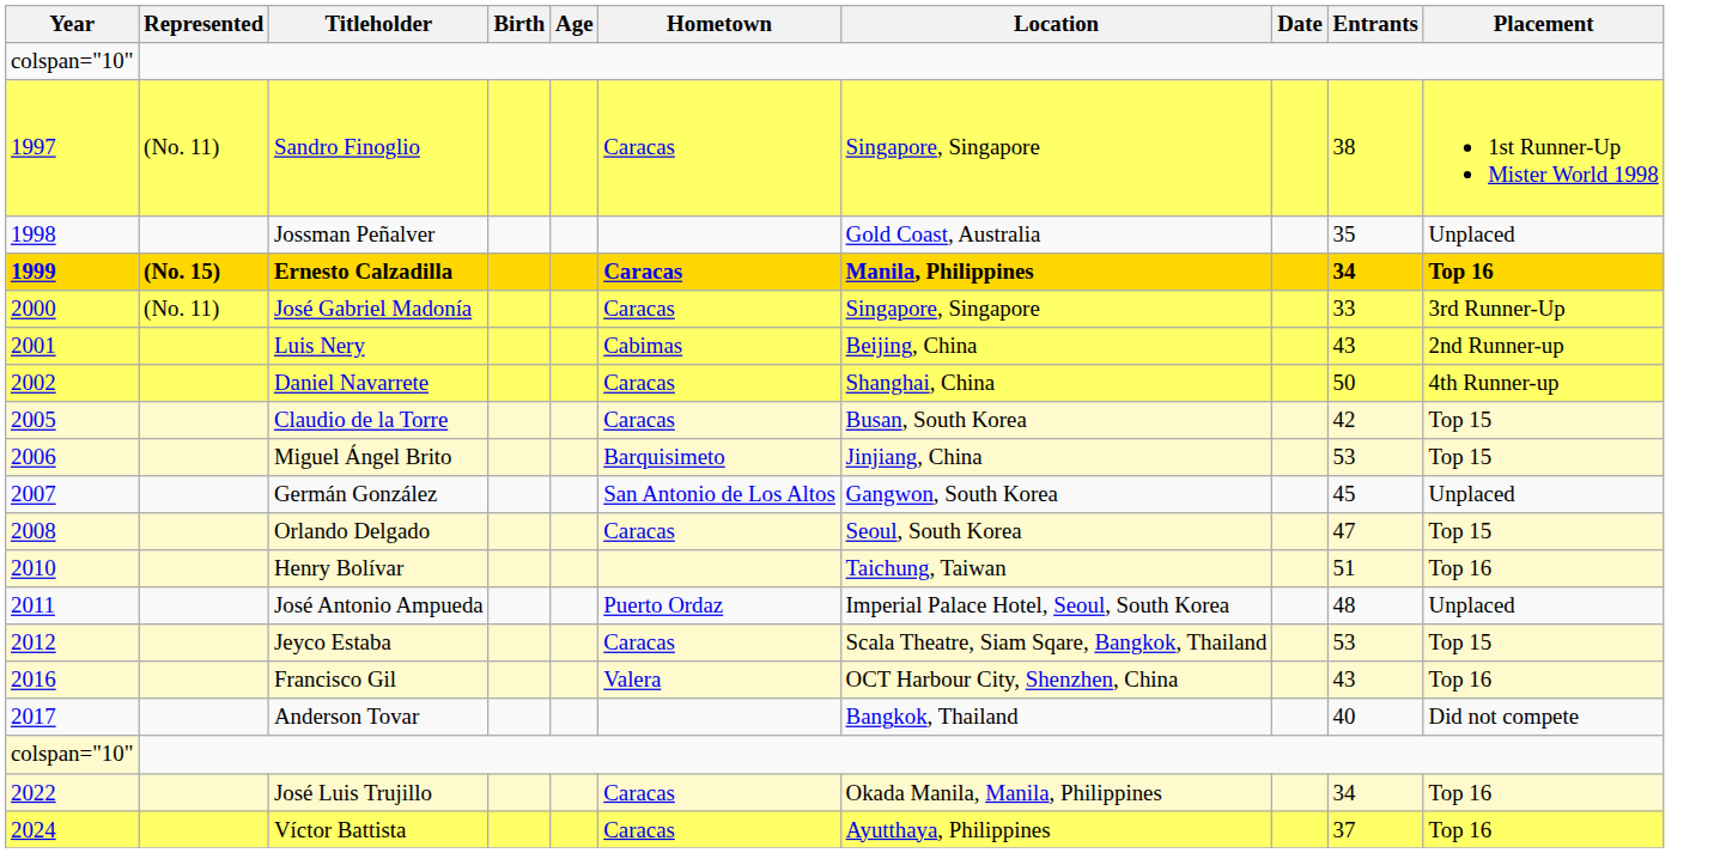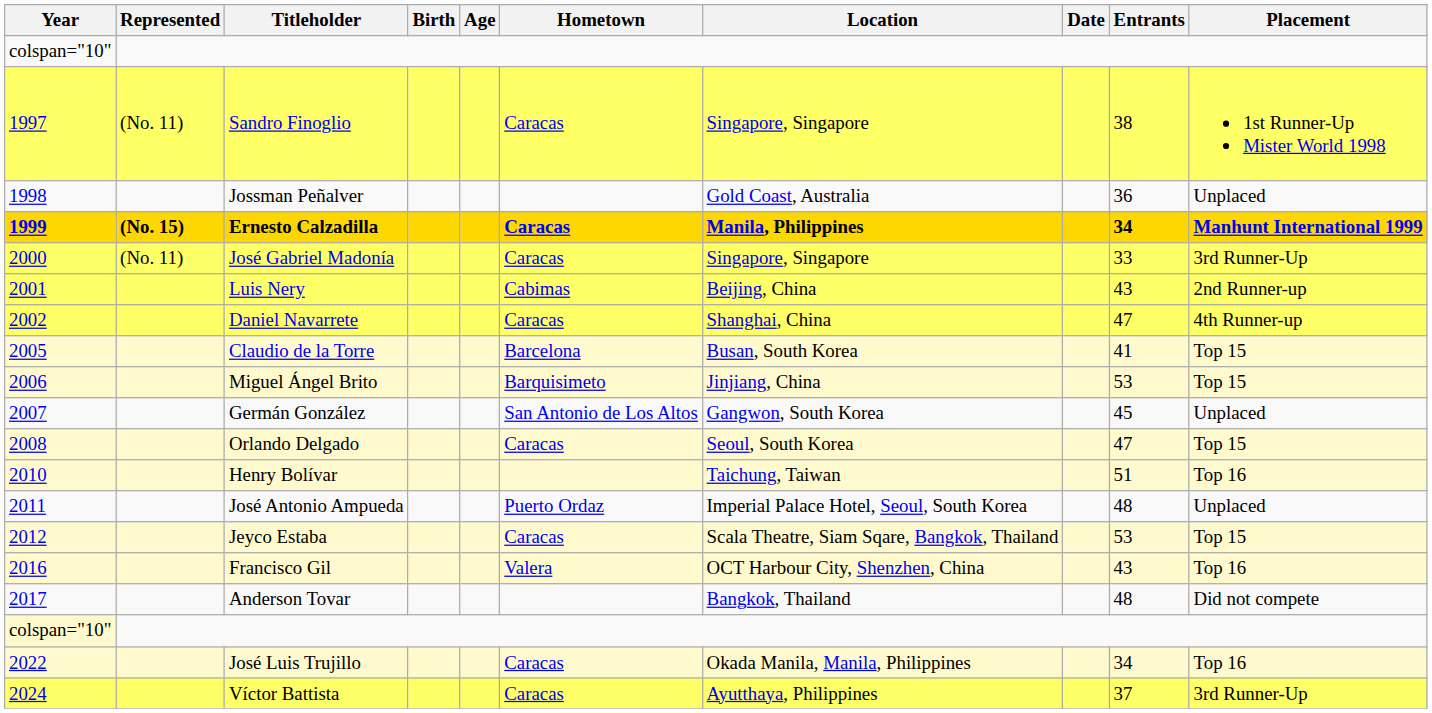 <table class="wikitable sortable" style="font-size: 95%;">
 <tr>
 <th>Year</th>
 <th>Represented</th>
 <th>Titleholder</th>
 <th>Birth</th>
 <th>Age</th>
 <th>Hometown</th>
 <th>Location</th>
 <th>Date</th>
 <th>Entrants</th>
 <th>Placement</th>
 </tr>
 <tr>
 <td>colspan="10" </td>
 </tr>
 <tr style="background-color:#FFFF66;">
 <td><a href='#'>1997</a></td>
 <td> (No. 11)</td>
 <td><a href='#'>Sandro Finoglio</a></td>
 <td></td>
 <td></td>
 <td><a href='#'>Caracas</a></td>
 <td><a href='#'>Singapore</a>, Singapore</td>
 <td></td>
 <td>38</td>
 <td><br><ul><li>1st Runner-Up</li><li><a href='#'>Mister World 1998</a></li></ul></td>
 </tr>
 <tr>
 <td><a href='#'>1998</a></td>
 <td></td>
 <td>Jossman Peñalver</td>
 <td></td>
 <td></td>
 <td></td>
 <td><a href='#'>Gold Coast</a>, Australia</td>
 <td></td>
-<td>35</td>
+<td>36</td>
 <td>Unplaced</td>
 </tr>
 <tr style="background-color:gold; font-weight: bold ">
 <td><a href='#'>1999</a></td>
 <td> (No. 15)</td>
 <td>Ernesto Calzadilla</td>
 <td></td>
 <td></td>
 <td><a href='#'>Caracas</a></td>
 <td><a href='#'>Manila</a>, Philippines</td>
 <td></td>
 <td>34</td>
-<td>Top 16</td>
+<td><a href='#'>Manhunt International 1999</a></td>
 </tr>
 <tr style="background-color:#FFFF66;">
 <td><a href='#'>2000</a></td>
 <td> (No. 11)</td>
 <td><a href='#'>José Gabriel Madonía</a></td>
 <td></td>
 <td></td>
 <td><a href='#'>Caracas</a></td>
 <td><a href='#'>Singapore</a>, Singapore</td>
 <td></td>
 <td>33</td>
 <td>3rd Runner-Up</td>
 </tr>
 <tr style="background-color:#FFFF66;">
 <td><a href='#'>2001</a></td>
 <td></td>
 <td><a href='#'>Luis Nery</a></td>
 <td></td>
 <td></td>
 <td><a href='#'>Cabimas</a></td>
 <td><a href='#'>Beijing</a>, China</td>
 <td></td>
 <td>43</td>
 <td>2nd Runner-up</td>
 </tr>
 <tr style="background-color:#FFFF66;">
 <td><a href='#'>2002</a></td>
 <td></td>
 <td><a href='#'>Daniel Navarrete</a></td>
 <td></td>
 <td></td>
 <td><a href='#'>Caracas</a></td>
 <td><a href='#'>Shanghai</a>, China</td>
 <td></td>
-<td>50</td>
+<td>47</td>
 <td>4th Runner-up</td>
 </tr>
 <tr style="background-color:#FFFACD;">
 <td><a href='#'>2005</a></td>
 <td></td>
 <td><a href='#'>Claudio de la Torre</a></td>
 <td></td>
 <td></td>
-<td><a href='#'>Caracas</a></td>
+<td><a href='#'>Barcelona</a></td>
 <td><a href='#'>Busan</a>, South Korea</td>
 <td></td>
-<td>42</td>
+<td>41</td>
 <td>Top 15</td>
 </tr>
 <tr style="background-color:#FFFACD;">
 <td><a href='#'>2006</a></td>
 <td></td>
 <td>Miguel Ángel Brito</td>
 <td></td>
 <td></td>
 <td><a href='#'>Barquisimeto</a></td>
 <td><a href='#'>Jinjiang</a>, China</td>
 <td></td>
 <td>53</td>
 <td>Top 15</td>
 </tr>
 <tr>
 <td><a href='#'>2007</a></td>
 <td></td>
 <td>Germán González</td>
 <td></td>
 <td></td>
 <td><a href='#'>San Antonio de Los Altos</a></td>
 <td><a href='#'>Gangwon</a>, South Korea</td>
 <td></td>
 <td>45</td>
 <td>Unplaced</td>
 </tr>
 <tr style="background: #FFFACD;">
 <td><a href='#'>2008</a></td>
 <td></td>
 <td>Orlando Delgado</td>
 <td></td>
 <td></td>
 <td><a href='#'>Caracas</a></td>
 <td><a href='#'>Seoul</a>, South Korea</td>
 <td></td>
 <td>47</td>
 <td>Top 15</td>
 </tr>
 <tr style="background-color:#FFFACD;">
 <td><a href='#'>2010</a></td>
 <td></td>
 <td>Henry Bolívar</td>
 <td></td>
 <td></td>
 <td></td>
 <td><a href='#'>Taichung</a>, Taiwan</td>
 <td></td>
 <td>51</td>
 <td>Top 16</td>
 </tr>
 <tr>
 <td><a href='#'>2011</a></td>
 <td></td>
 <td>José Antonio Ampueda</td>
 <td></td>
 <td></td>
 <td><a href='#'>Puerto Ordaz</a></td>
 <td>Imperial Palace Hotel, <a href='#'>Seoul</a>, South Korea</td>
 <td></td>
 <td>48</td>
 <td>Unplaced</td>
 </tr>
 <tr style="background-color:#FFFACD;">
 <td><a href='#'>2012</a></td>
 <td></td>
 <td>Jeyco Estaba</td>
 <td></td>
 <td></td>
 <td><a href='#'>Caracas</a></td>
 <td>Scala Theatre, Siam Sqare, <a href='#'>Bangkok</a>, Thailand</td>
 <td></td>
 <td>53</td>
 <td>Top 15</td>
 </tr>
 <tr style="background-color:#FFFACD;">
 <td><a href='#'>2016</a></td>
 <td></td>
 <td>Francisco Gil</td>
 <td></td>
 <td></td>
 <td><a href='#'>Valera</a></td>
 <td>OCT Harbour City, <a href='#'>Shenzhen</a>, China</td>
 <td></td>
 <td>43</td>
 <td>Top 16</td>
 </tr>
 <tr>
 <td><a href='#'>2017</a></td>
 <td></td>
 <td>Anderson Tovar</td>
 <td></td>
 <td></td>
 <td></td>
 <td><a href='#'>Bangkok</a>, Thailand</td>
 <td></td>
-<td>40</td>
+<td>48</td>
 <td>Did not compete</td>
 </tr>
 <tr style="background-color:#FFFACD;">
 <td>colspan="10" </td>
 </tr>
 <tr style="background-color:#FFFACD;">
 <td><a href='#'>2022</a></td>
 <td></td>
 <td>José Luis Trujillo</td>
 <td></td>
 <td></td>
 <td><a href='#'>Caracas</a></td>
 <td>Okada Manila, <a href='#'>Manila</a>, Philippines</td>
 <td></td>
 <td>34</td>
 <td>Top 16</td>
 </tr>
 <tr style="background-color:#FFFF66;">
 <td><a href='#'>2024</a></td>
 <td></td>
 <td>Víctor Battista</td>
 <td></td>
 <td></td>
 <td><a href='#'>Caracas</a></td>
 <td><a href='#'>Ayutthaya</a>, Philippines</td>
 <td></td>
 <td>37</td>
-<td>Top 16</td>
+<td>3rd Runner-Up</td>
 </tr>
 </table>
